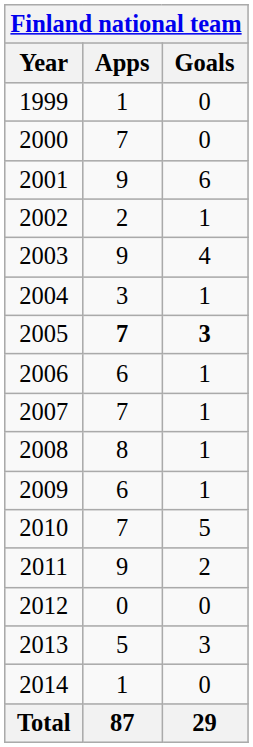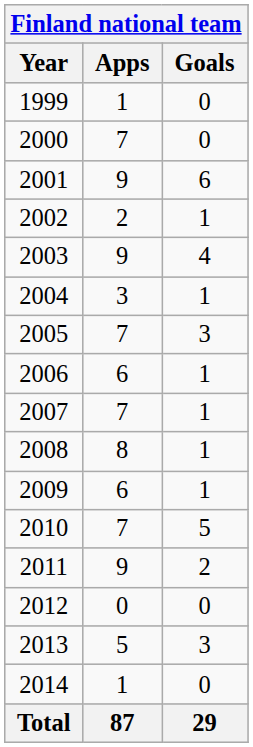 <table class="wikitable" style="text-align:center">
 <tr>
 <th colspan=3><a href='#'>Finland national team</a></th>
 </tr>
 <tr>
 <th>Year</th>
 <th>Apps</th>
 <th>Goals</th>
 </tr>
 <tr>
 <td>1999</td>
 <td>1</td>
 <td>0</td>
 </tr>
 <tr>
 <td>2000</td>
 <td>7</td>
 <td>0</td>
 </tr>
 <tr>
 <td>2001</td>
 <td>9</td>
 <td>6</td>
 </tr>
 <tr>
 <td>2002</td>
 <td>2</td>
 <td>1</td>
 </tr>
 <tr>
 <td>2003</td>
 <td>9</td>
 <td>4</td>
 </tr>
 <tr>
 <td>2004</td>
 <td>3</td>
 <td>1</td>
 </tr>
 <tr>
 <td>2005</td>
-<td><strong>7</strong></td>
-<td><strong>3</strong></td>
+<td>7</td>
+<td>3</td>
 </tr>
 <tr>
 <td>2006</td>
 <td>6</td>
 <td>1</td>
 </tr>
 <tr>
 <td>2007</td>
 <td>7</td>
 <td>1</td>
 </tr>
 <tr>
 <td>2008</td>
 <td>8</td>
 <td>1</td>
 </tr>
 <tr>
 <td>2009</td>
 <td>6</td>
 <td>1</td>
 </tr>
 <tr>
 <td>2010</td>
 <td>7</td>
 <td>5</td>
 </tr>
 <tr>
 <td>2011</td>
 <td>9</td>
 <td>2</td>
 </tr>
 <tr>
 <td>2012</td>
 <td>0</td>
 <td>0</td>
 </tr>
 <tr>
 <td>2013</td>
 <td>5</td>
 <td>3</td>
 </tr>
 <tr>
 <td>2014</td>
 <td>1</td>
 <td>0</td>
 </tr>
 <tr>
 <th>Total</th>
 <th>87</th>
 <th>29</th>
 </tr>
 </table>
